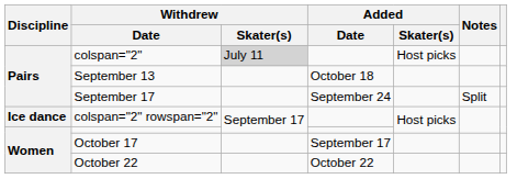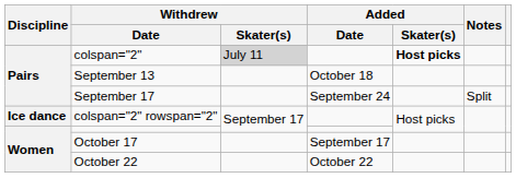 <table class="wikitable unsortable">
 <tr>
 <th scope="col" rowspan=2>Discipline</th>
 <th scope="col" colspan=2>Withdrew</th>
 <th scope="col" colspan=2>Added</th>
 <th scope="col" rowspan=2>Notes</th>
 <th scope="col" rowspan=2></th>
 </tr>
 <tr>
 <th>Date</th>
 <th>Skater(s)</th>
 <th>Date</th>
 <th>Skater(s)</th>
 </tr>
 <tr>
 <th rowspan="3" scope="row" style="text-align:left">Pairs</th>
 <td>colspan="2" </td>
 <td style="background: lightgrey;">July 11</td>
 <td></td>
-<td>Host picks</td>
+<td><strong>Host picks</strong></td>
 <td></td>
 </tr>
 <tr>
 <td>September 13</td>
 <td></td>
 <td>October 18</td>
 <td></td>
 <td></td>
 <td></td>
 </tr>
 <tr>
 <td>September 17</td>
 <td></td>
 <td>September 24</td>
 <td></td>
 <td>Split</td>
 <td></td>
 </tr>
 <tr>
 <th scope="row" style="text-align:left">Ice dance</th>
 <td>colspan="2" rowspan="2" </td>
 <td rowspan="2">September 17</td>
 <td></td>
 <td rowspan="2">Host picks</td>
 <td rowspan="2"></td>
 </tr>
 <tr>
 <th rowspan="3" scope="row" style="text-align:left">Women</th>
 <td></td>
 </tr>
 <tr>
 <td>October 17</td>
 <td></td>
 <td>September 17</td>
 <td></td>
 <td></td>
 <td></td>
 </tr>
 <tr>
 <td>October 22</td>
 <td></td>
 <td>October 22</td>
 <td></td>
 <td></td>
 <td></td>
 </tr>
 </table>
